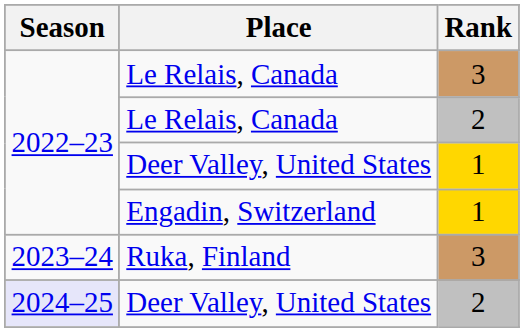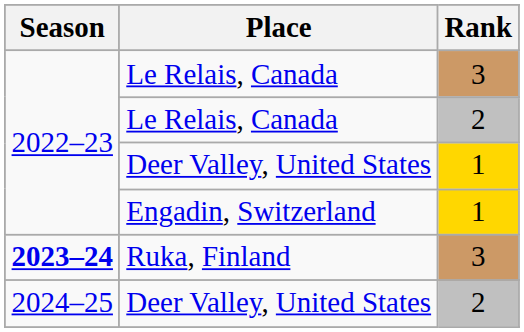 <table class="wikitable sortable" style="text-align:center;">
 <tr>
 <th>Season</th>
 <th>Place</th>
 <th>Rank</th>
 </tr>
 <tr>
 <td rowspan=4><a href='#'>2022–23</a></td>
 <td style="text-align:left;"> <a href='#'>Le Relais</a>, <a href='#'>Canada</a></td>
 <td bgcolor="cc9966">3</td>
 </tr>
 <tr>
 <td style="text-align:left;"> <a href='#'>Le Relais</a>, <a href='#'>Canada</a></td>
 <td bgcolor=silver>2</td>
 </tr>
 <tr>
 <td style="text-align:left;"> <a href='#'>Deer Valley</a>, <a href='#'>United States</a></td>
 <td bgcolor=gold>1</td>
 </tr>
 <tr>
 <td style="text-align:left;"> <a href='#'>Engadin</a>, <a href='#'>Switzerland</a></td>
 <td bgcolor=gold>1</td>
 </tr>
 <tr>
-<td><a href='#'>2023–24</a></td>
+<td><strong><a href='#'>2023–24</a></strong></td>
 <td style="text-align:left;"> <a href='#'>Ruka</a>, <a href='#'>Finland</a></td>
 <td bgcolor="cc9966">3</td>
 </tr>
 <tr>
-<td style="background: lavender;"><a href='#'>2024–25</a></td>
+<td><a href='#'>2024–25</a></td>
 <td style="text-align:left;"> <a href='#'>Deer Valley</a>, <a href='#'>United States</a></td>
 <td bgcolor=silver>2</td>
 </tr>
 </table>
